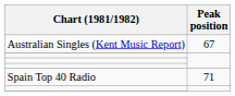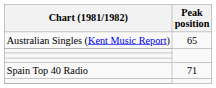 <table class="wikitable sortable">
 <tr>
 <th>Chart (1981/1982)</th>
 <th scope="col">Peak<br>position</th>
 </tr>
 <tr>
 <td align="left">Australian Singles (<a href='#'>Kent Music Report</a>)</td>
-<td align="center">67</td>
+<td align="center">65</td>
 </tr>
 <tr>
 </tr>
 <tr>
 <td></td>
 </tr>
 <tr>
 <td></td>
 </tr>
 <tr>
 <td></td>
 </tr>
 <tr>
 <td>Spain Top 40 Radio</td>
 <td style="text-align:center;">71</td>
 </tr>
 <tr>
 <td></td>
 </tr>
 <tr>
 </tr>
 </table>
